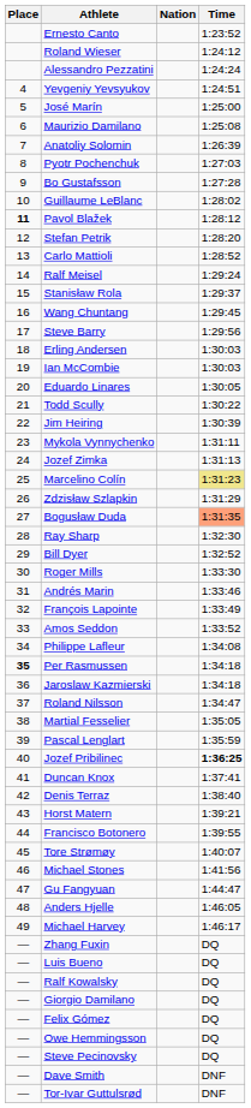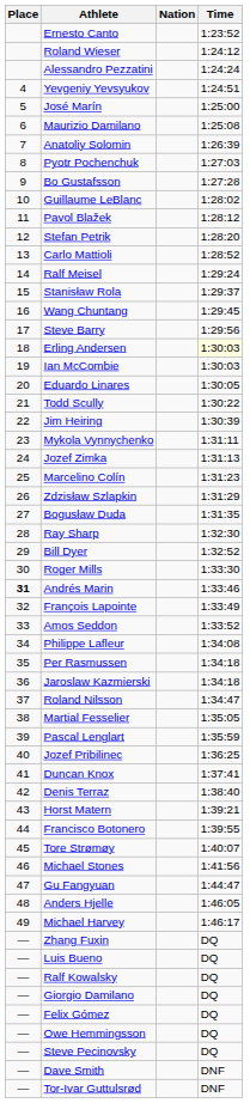 <table class=wikitable>
 <tr>
 <th>Place</th>
 <th>Athlete</th>
 <th>Nation</th>
 <th>Time</th>
 </tr>
 <tr>
 <td align=center></td>
 <td><a href='#'>Ernesto Canto</a></td>
 <td></td>
 <td>1:23:52</td>
 </tr>
 <tr>
 <td align=center></td>
 <td><a href='#'>Roland Wieser</a></td>
 <td></td>
 <td>1:24:12</td>
 </tr>
 <tr>
 <td align=center></td>
 <td><a href='#'>Alessandro Pezzatini</a></td>
 <td></td>
 <td>1:24:24</td>
 </tr>
 <tr>
 <td align=center>4</td>
 <td><a href='#'>Yevgeniy Yevsyukov</a></td>
 <td></td>
 <td>1:24:51</td>
 </tr>
 <tr>
 <td align=center>5</td>
 <td><a href='#'>José Marín</a></td>
 <td></td>
 <td>1:25:00</td>
 </tr>
 <tr>
 <td align=center>6</td>
 <td><a href='#'>Maurizio Damilano</a></td>
 <td></td>
 <td>1:25:08</td>
 </tr>
 <tr>
 <td align=center>7</td>
 <td><a href='#'>Anatoliy Solomin</a></td>
 <td></td>
 <td>1:26:39</td>
 </tr>
 <tr>
 <td align=center>8</td>
 <td><a href='#'>Pyotr Pochenchuk</a></td>
 <td></td>
 <td>1:27:03</td>
 </tr>
 <tr>
 <td align=center>9</td>
 <td><a href='#'>Bo Gustafsson</a></td>
 <td></td>
 <td>1:27:28</td>
 </tr>
 <tr>
 <td align=center>10</td>
 <td><a href='#'>Guillaume LeBlanc</a></td>
 <td></td>
 <td>1:28:02</td>
 </tr>
 <tr>
-<td align=center><strong>11</strong></td>
+<td align=center>11</td>
 <td><a href='#'>Pavol Blažek</a></td>
 <td></td>
 <td>1:28:12</td>
 </tr>
 <tr>
 <td align=center>12</td>
 <td><a href='#'>Stefan Petrik</a></td>
 <td></td>
 <td>1:28:20</td>
 </tr>
 <tr>
 <td align=center>13</td>
 <td><a href='#'>Carlo Mattioli</a></td>
 <td></td>
 <td>1:28:52</td>
 </tr>
 <tr>
 <td align=center>14</td>
 <td><a href='#'>Ralf Meisel</a></td>
 <td></td>
 <td>1:29:24</td>
 </tr>
 <tr>
 <td align=center>15</td>
 <td><a href='#'>Stanisław Rola</a></td>
 <td></td>
 <td>1:29:37</td>
 </tr>
 <tr>
 <td align=center>16</td>
 <td><a href='#'>Wang Chuntang</a></td>
 <td></td>
 <td>1:29:45</td>
 </tr>
 <tr>
 <td align=center>17</td>
 <td><a href='#'>Steve Barry</a></td>
 <td></td>
 <td>1:29:56</td>
 </tr>
 <tr>
 <td align=center>18</td>
 <td><a href='#'>Erling Andersen</a></td>
 <td></td>
-<td>1:30:03</td>
+<td style="background: lightyellow;">1:30:03</td>
 </tr>
 <tr>
 <td align=center>19</td>
 <td><a href='#'>Ian McCombie</a></td>
 <td></td>
 <td>1:30:03</td>
 </tr>
 <tr>
 <td align=center>20</td>
 <td><a href='#'>Eduardo Linares</a></td>
 <td></td>
 <td>1:30:05</td>
 </tr>
 <tr>
 <td align=center>21</td>
 <td><a href='#'>Todd Scully</a></td>
 <td></td>
 <td>1:30:22</td>
 </tr>
 <tr>
 <td align=center>22</td>
 <td><a href='#'>Jim Heiring</a></td>
 <td></td>
 <td>1:30:39</td>
 </tr>
 <tr>
 <td align=center>23</td>
 <td><a href='#'>Mykola Vynnychenko</a></td>
 <td></td>
 <td>1:31:11</td>
 </tr>
 <tr>
 <td align=center>24</td>
 <td><a href='#'>Jozef Zimka</a></td>
 <td></td>
 <td>1:31:13</td>
 </tr>
 <tr>
 <td align=center>25</td>
 <td><a href='#'>Marcelino Colín</a></td>
 <td></td>
-<td style="background: khaki;">1:31:23</td>
+<td>1:31:23</td>
 </tr>
 <tr>
 <td align=center>26</td>
 <td><a href='#'>Zdzisław Szlapkin</a></td>
 <td></td>
 <td>1:31:29</td>
 </tr>
 <tr>
 <td align=center>27</td>
 <td><a href='#'>Bogusław Duda</a></td>
 <td></td>
-<td style="background: lightsalmon;">1:31:35</td>
+<td>1:31:35</td>
 </tr>
 <tr>
 <td align=center>28</td>
 <td><a href='#'>Ray Sharp</a></td>
 <td></td>
 <td>1:32:30</td>
 </tr>
 <tr>
 <td align=center>29</td>
 <td><a href='#'>Bill Dyer</a></td>
 <td></td>
 <td>1:32:52</td>
 </tr>
 <tr>
 <td align=center>30</td>
 <td><a href='#'>Roger Mills</a></td>
 <td></td>
 <td>1:33:30</td>
 </tr>
 <tr>
-<td align=center>31</td>
+<td align=center><strong>31</strong></td>
 <td><a href='#'>Andrés Marin</a></td>
 <td></td>
 <td>1:33:46</td>
 </tr>
 <tr>
 <td align=center>32</td>
 <td><a href='#'>François Lapointe</a></td>
 <td></td>
 <td>1:33:49</td>
 </tr>
 <tr>
 <td align=center>33</td>
 <td><a href='#'>Amos Seddon</a></td>
 <td></td>
 <td>1:33:52</td>
 </tr>
 <tr>
 <td align=center>34</td>
 <td><a href='#'>Philippe Lafleur</a></td>
 <td></td>
 <td>1:34:08</td>
 </tr>
 <tr>
-<td align=center><strong>35</strong></td>
+<td align=center>35</td>
 <td><a href='#'>Per Rasmussen</a></td>
 <td></td>
 <td>1:34:18</td>
 </tr>
 <tr>
 <td align=center>36</td>
 <td><a href='#'>Jaroslaw Kazmierski</a></td>
 <td></td>
 <td>1:34:18</td>
 </tr>
 <tr>
 <td align=center>37</td>
 <td><a href='#'>Roland Nilsson</a></td>
 <td></td>
 <td>1:34:47</td>
 </tr>
 <tr>
 <td align=center>38</td>
 <td><a href='#'>Martial Fesselier</a></td>
 <td></td>
 <td>1:35:05</td>
 </tr>
 <tr>
 <td align=center>39</td>
 <td><a href='#'>Pascal Lenglart</a></td>
 <td></td>
 <td>1:35:59</td>
 </tr>
 <tr>
 <td align=center>40</td>
 <td><a href='#'>Jozef Pribilinec</a></td>
 <td></td>
-<td><strong>1:36:25</strong></td>
+<td>1:36:25</td>
 </tr>
 <tr>
 <td align=center>41</td>
 <td><a href='#'>Duncan Knox</a></td>
 <td></td>
 <td>1:37:41</td>
 </tr>
 <tr>
 <td align=center>42</td>
 <td><a href='#'>Denis Terraz</a></td>
 <td></td>
 <td>1:38:40</td>
 </tr>
 <tr>
 <td align=center>43</td>
 <td><a href='#'>Horst Matern</a></td>
 <td></td>
 <td>1:39:21</td>
 </tr>
 <tr>
 <td align=center>44</td>
 <td><a href='#'>Francisco Botonero</a></td>
 <td></td>
 <td>1:39:55</td>
 </tr>
 <tr>
 <td align=center>45</td>
 <td><a href='#'>Tore Strømøy</a></td>
 <td></td>
 <td>1:40:07</td>
 </tr>
 <tr>
 <td align=center>46</td>
 <td><a href='#'>Michael Stones</a></td>
 <td></td>
 <td>1:41:56</td>
 </tr>
 <tr>
 <td align=center>47</td>
 <td><a href='#'>Gu Fangyuan</a></td>
 <td></td>
 <td>1:44:47</td>
 </tr>
 <tr>
 <td align=center>48</td>
 <td><a href='#'>Anders Hjelle</a></td>
 <td></td>
 <td>1:46:05</td>
 </tr>
 <tr>
 <td align=center>49</td>
 <td><a href='#'>Michael Harvey</a></td>
 <td></td>
 <td>1:46:17</td>
 </tr>
 <tr>
 <td align=center>—</td>
 <td><a href='#'>Zhang Fuxin</a></td>
 <td></td>
 <td>DQ</td>
 </tr>
 <tr>
 <td align=center>—</td>
 <td><a href='#'>Luis Bueno</a></td>
 <td></td>
 <td>DQ</td>
 </tr>
 <tr>
 <td align=center>—</td>
 <td><a href='#'>Ralf Kowalsky</a></td>
 <td></td>
 <td>DQ</td>
 </tr>
 <tr>
 <td align=center>—</td>
 <td><a href='#'>Giorgio Damilano</a></td>
 <td></td>
 <td>DQ</td>
 </tr>
 <tr>
 <td align=center>—</td>
 <td><a href='#'>Felix Gómez</a></td>
 <td></td>
 <td>DQ</td>
 </tr>
 <tr>
 <td align=center>—</td>
 <td><a href='#'>Owe Hemmingsson</a></td>
 <td></td>
 <td>DQ</td>
 </tr>
 <tr>
 <td align=center>—</td>
 <td><a href='#'>Steve Pecinovsky</a></td>
 <td></td>
 <td>DQ</td>
 </tr>
 <tr>
 <td align=center>—</td>
 <td><a href='#'>Dave Smith</a></td>
 <td></td>
 <td>DNF</td>
 </tr>
 <tr>
 <td align=center>—</td>
 <td><a href='#'>Tor-Ivar Guttulsrød</a></td>
 <td></td>
 <td>DNF</td>
 </tr>
 </table>
